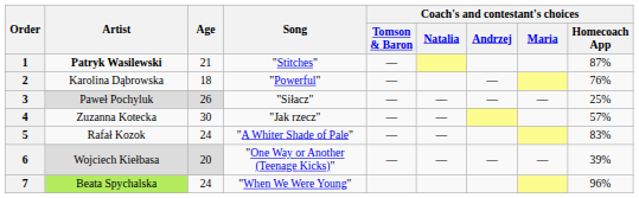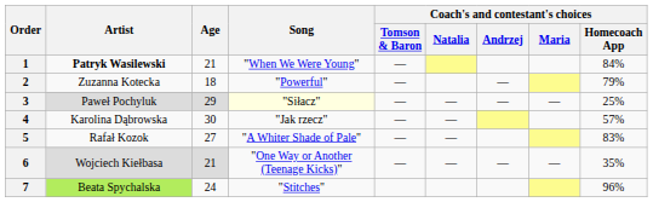 <table class="wikitable" style="text-align:center; width:100%;">
 <tr>
 <th scope="col" rowspan="2" style="width:05%;">Order</th>
 <th scope="col" rowspan="2" style="width:20%;">Artist</th>
 <th scope="col" rowspan="2" style="width:05%;">Age</th>
 <th scope="col" rowspan="2" style="width:20%;">Song</th>
 <th scope="col" colspan="5" style="width:32%;">Coach's and contestant's choices</th>
 </tr>
 <tr>
 <th style="width:07%;"><a href='#'>Tomson & Baron</a></th>
 <th style="width:07%;"><a href='#'>Natalia</a></th>
 <th style="width:07%;"><a href='#'>Andrzej</a></th>
 <th style="width:07%;"><a href='#'>Maria</a></th>
 <th style="width:04%;">Homecoach App</th>
 </tr>
 <tr>
 <th>1</th>
 <td><strong>Patryk Wasilewski</strong></td>
 <td>21</td>
-<td>"<a href='#'>Stitches</a>"</td>
+<td>"<a href='#'>When We Were Young</a>"</td>
 <td>—</td>
 <td style="background:#fdfc8f;"><strong></strong></td>
 <td><strong></strong></td>
 <td><strong></strong></td>
-<td>87%</td>
+<td>84%</td>
 </tr>
 <tr>
 <th>2</th>
-<td>Karolina Dąbrowska</td>
+<td>Zuzanna Kotecka</td>
 <td>18</td>
 <td>"<a href='#'>Powerful</a>"</td>
 <td>—</td>
 <td><strong></strong></td>
 <td>—</td>
 <td style="background:#fdfc8f;"><strong></strong></td>
-<td>76%</td>
+<td>79%</td>
 </tr>
 <tr>
 <th>3</th>
 <td style="background:#DCDCDC;">Paweł Pochyluk</td>
-<td style="background:#DCDCDC;">26</td>
-<td>"Siłacz"</td>
+<td style="background:#DCDCDC;">29</td>
+<td style="background: lightyellow;">"Siłacz"</td>
 <td>—</td>
 <td>—</td>
 <td>—</td>
 <td>—</td>
 <td>25%</td>
 </tr>
 <tr>
 <th>4</th>
-<td>Zuzanna Kotecka</td>
+<td>Karolina Dąbrowska</td>
 <td>30</td>
 <td>"Jak rzecz"</td>
 <td>—</td>
 <td>—</td>
 <td style="background:#fdfc8f;"><strong></strong></td>
 <td><strong></strong></td>
 <td>57%</td>
 </tr>
 <tr>
 <th>5</th>
 <td>Rafał Kozok</td>
-<td>24</td>
+<td>27</td>
 <td>"<a href='#'>A Whiter Shade of Pale</a>"</td>
 <td>—</td>
 <td>—</td>
 <td><strong></strong></td>
 <td style="background:#fdfc8f;"><strong></strong></td>
 <td>83%</td>
 </tr>
 <tr>
 <th>6</th>
 <td style="background:#DCDCDC;">Wojciech Kiełbasa</td>
-<td style="background:#DCDCDC;">20</td>
+<td style="background:#DCDCDC;">21</td>
 <td>"<a href='#'>One Way or Another (Teenage Kicks)</a>"</td>
 <td>—</td>
 <td>—</td>
 <td>—</td>
 <td>—</td>
-<td>39%</td>
+<td>35%</td>
 </tr>
 <tr>
 <th>7</th>
 <td style="background-color:#B2EC5D;">Beata Spychalska</td>
 <td>24</td>
-<td>"<a href='#'>When We Were Young</a>"</td>
+<td>"<a href='#'>Stitches</a>"</td>
 <td><strong></strong></td>
 <td><strong></strong></td>
 <td><strong></strong></td>
 <td style="background:#fdfc8f;"><strong></strong></td>
 <td>96%</td>
 </tr>
 </table>
